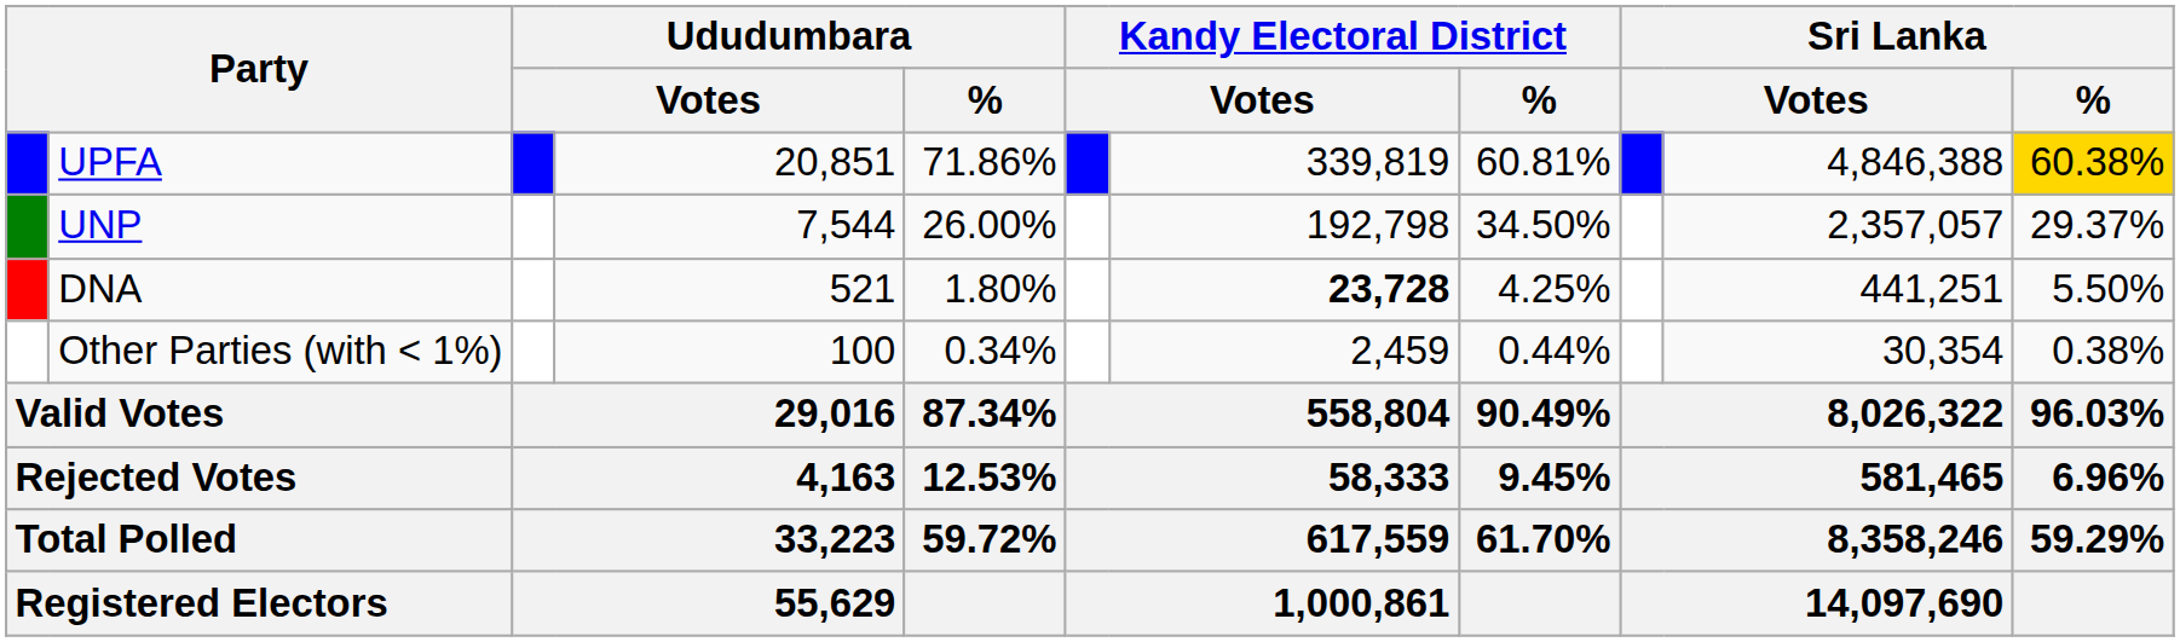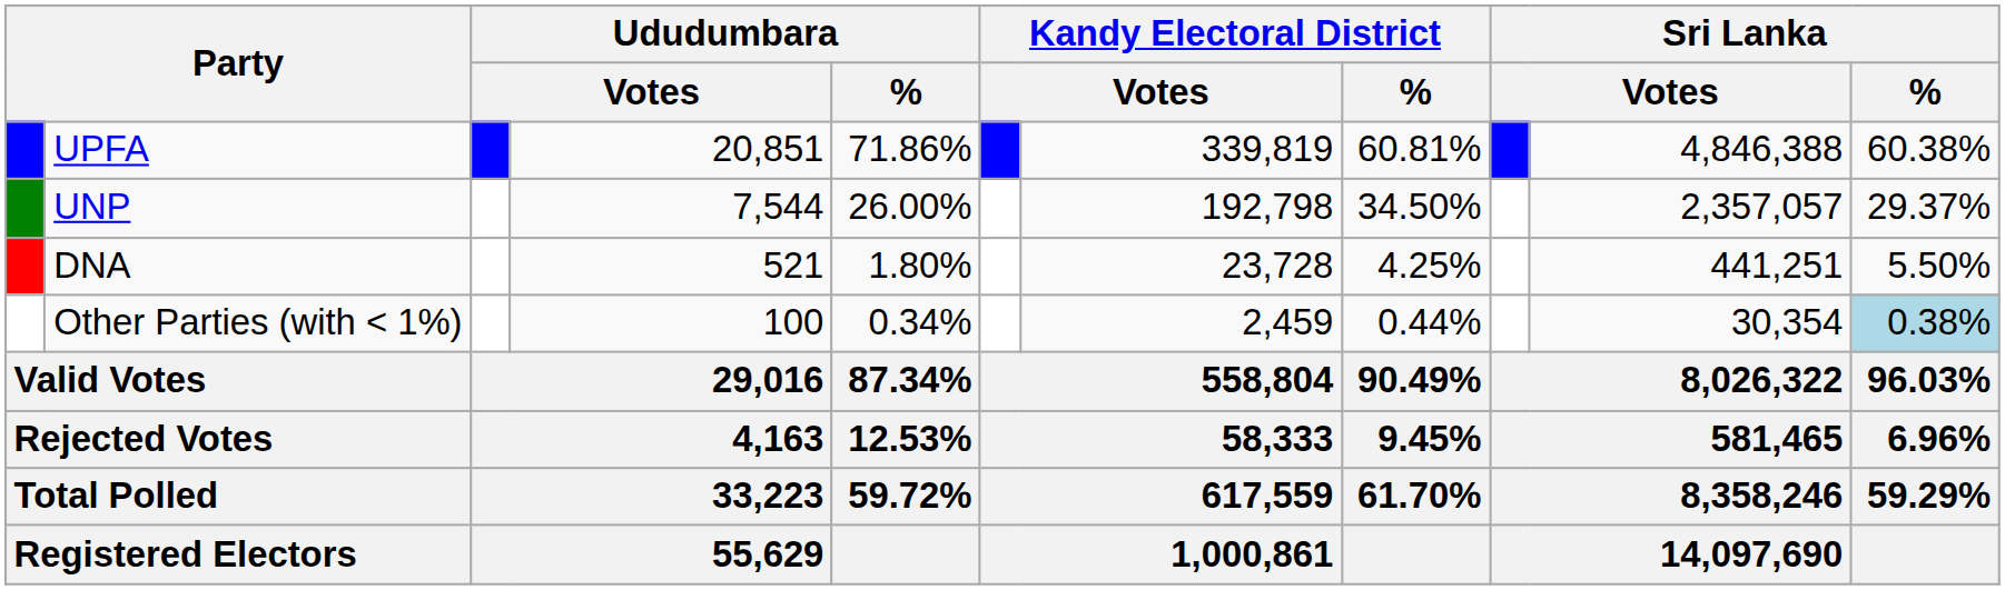 <table class="wikitable">
 <tr>
 <th colspan="2" width="144px"rowspan="2">Party</th>
 <th colspan="3" width="216px">Ududumbara</th>
 <th colspan="3" width="216px"><a href='#'>Kandy Electoral District</a></th>
 <th colspan="3" width="216px">Sri Lanka</th>
 </tr>
 <tr>
 <th colspan="2" width="144px">Votes</th>
 <th>%</th>
 <th colspan="2" width="144px">Votes</th>
 <th>%</th>
 <th colspan="2" width="144px">Votes</th>
 <th>%</th>
 </tr>
 <tr>
 <td style="background-color:blue;" width="10px"></td>
 <td style="text-align:left;"><a href='#'>UPFA</a></td>
 <td style="background-color:blue;" width="10px"></td>
 <td style="text-align:right;">20,851</td>
 <td style="text-align:right;">71.86%</td>
 <td style="background-color:blue;" width="10px"></td>
 <td style="text-align:right;">339,819</td>
 <td style="text-align:right;">60.81%</td>
 <td style="background-color:blue;" width="10px"></td>
 <td style="text-align:right;">4,846,388</td>
-<td style="background: gold; text-align:right;">60.38%</td>
+<td style="text-align:right;">60.38%</td>
 </tr>
 <tr>
 <td style="background-color:green;" width="10px"></td>
 <td style="text-align:left;"><a href='#'>UNP</a></td>
 <td style="background-color:white;" width="10px"></td>
 <td style="text-align:right;">7,544</td>
 <td style="text-align:right;">26.00%</td>
 <td style="background-color:white;" width="10px"></td>
 <td style="text-align:right;">192,798</td>
 <td style="text-align:right;">34.50%</td>
 <td style="background-color:white;" width="10px"></td>
 <td style="text-align:right;">2,357,057</td>
 <td style="text-align:right;">29.37%</td>
 </tr>
 <tr>
 <td style="background-color:red;" width="10px"></td>
 <td style="text-align:left;">DNA</td>
 <td style="background-color:white;" width="10px"></td>
 <td style="text-align:right;">521</td>
 <td style="text-align:right;">1.80%</td>
 <td style="background-color:white;" width="10px"></td>
-<td style="text-align:right;"><strong>23,728</strong></td>
+<td style="text-align:right;">23,728</td>
 <td style="text-align:right;">4.25%</td>
 <td style="background-color:white;" width="10px"></td>
 <td style="text-align:right;">441,251</td>
 <td style="text-align:right;">5.50%</td>
 </tr>
 <tr>
 <td style="background-color:white;" width="10px"></td>
 <td style="text-align:left;">Other Parties (with < 1%)</td>
 <td style="background-color:white;" width="10px"></td>
 <td style="text-align:right;">100</td>
 <td style="text-align:right;">0.34%</td>
 <td style="background-color:white;" width="10px"></td>
 <td style="text-align:right;">2,459</td>
 <td style="text-align:right;">0.44%</td>
 <td style="background-color:white;" width="10px"></td>
 <td style="text-align:right;">30,354</td>
-<td style="text-align:right;">0.38%</td>
+<td style="background: lightblue; text-align:right;">0.38%</td>
 </tr>
 <tr>
 <th colspan="2" width="144px"style="text-align:left;">Valid Votes</th>
 <th style="text-align:right;"colspan="2" width="144px">29,016</th>
 <th style="text-align:right;">87.34%</th>
 <th style="text-align:right;"colspan="2" width="144px">558,804</th>
 <th style="text-align:right;">90.49%</th>
 <th style="text-align:right;"colspan="2" width="144px">8,026,322</th>
 <th style="text-align:right;">96.03%</th>
 </tr>
 <tr>
 <th colspan="2" width="144px"style="text-align:left;">Rejected Votes</th>
 <th style="text-align:right;"colspan="2" width="144px">4,163</th>
 <th style="text-align:right;">12.53%</th>
 <th style="text-align:right;"colspan="2" width="144px">58,333</th>
 <th style="text-align:right;">9.45%</th>
 <th style="text-align:right;"colspan="2" width="144px">581,465</th>
 <th style="text-align:right;">6.96%</th>
 </tr>
 <tr>
 <th colspan="2" width="144px"style="text-align:left;">Total Polled</th>
 <th style="text-align:right;"colspan="2" width="144px">33,223</th>
 <th style="text-align:right;">59.72%</th>
 <th style="text-align:right;"colspan="2" width="144px">617,559</th>
 <th style="text-align:right;">61.70%</th>
 <th style="text-align:right;"colspan="2" width="144px">8,358,246</th>
 <th style="text-align:right;">59.29%</th>
 </tr>
 <tr>
 <th colspan="2" width="144px"style="text-align:left;">Registered Electors</th>
 <th style="text-align:right;"colspan="2" width="144px">55,629</th>
 <th></th>
 <th style="text-align:right;"colspan="2" width="144px">1,000,861</th>
 <th></th>
 <th style="text-align:right;"colspan="2" width="144px">14,097,690</th>
 <th></th>
 </tr>
 </table>
